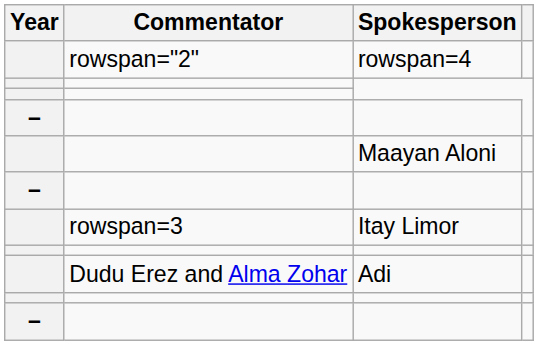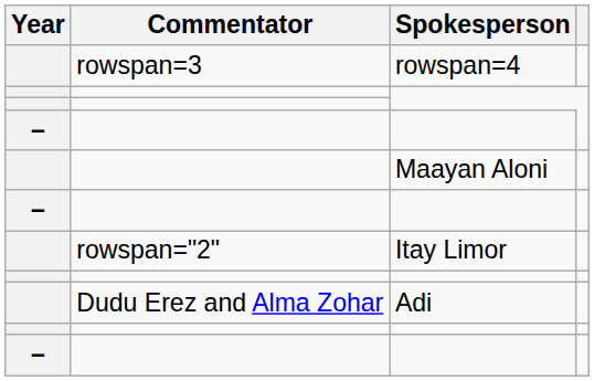 <table class="wikitable sortable plainrowheaders">
 <tr>
 <th scope="col">Year</th>
 <th scope="col">Commentator</th>
 <th scope="col">Spokesperson</th>
 <th scope="col" class="unsortable"></th>
 </tr>
 <tr>
 <th scope="row"></th>
-<td>rowspan="2" </td>
+<td>rowspan=3 </td>
 <td>rowspan=4 </td>
 <td style="text-align: center;"></td>
 </tr>
 <tr>
 <th scope="row"></th>
 <td style="text-align: center;"></td>
 </tr>
 <tr>
 <th scope="row"></th>
 <td style="text-align: center;"></td>
 </tr>
 <tr>
 <th scope="row">–</th>
 <td></td>
 <td style="text-align: center;"></td>
 </tr>
 <tr>
 <th scope="row"></th>
 <td></td>
 <td>Maayan Aloni</td>
 <td style="text-align: center;"></td>
 </tr>
 <tr>
 <th scope="row">–</th>
 <td></td>
 <td></td>
 <td style="text-align: center;"></td>
 </tr>
 <tr>
 <th scope="row"></th>
-<td>rowspan=3 </td>
+<td>rowspan="2" </td>
 <td>Itay Limor</td>
 <td style="text-align: center;"></td>
 </tr>
 <tr>
 <th scope="row"></th>
 <td></td>
 <td style="text-align: center;"></td>
 </tr>
 <tr>
 <th scope="row"></th>
 <td>Dudu Erez and <a href='#'>Alma Zohar</a></td>
 <td>Adi</td>
 <td style="text-align: center;"></td>
 </tr>
 <tr>
 <th scope="row"></th>
 <td></td>
 <td></td>
 <td style="text-align: center;"></td>
 </tr>
 <tr>
 <th scope="row">–</th>
 <td></td>
 <td></td>
 <td style="text-align: center;"></td>
 </tr>
 </table>
